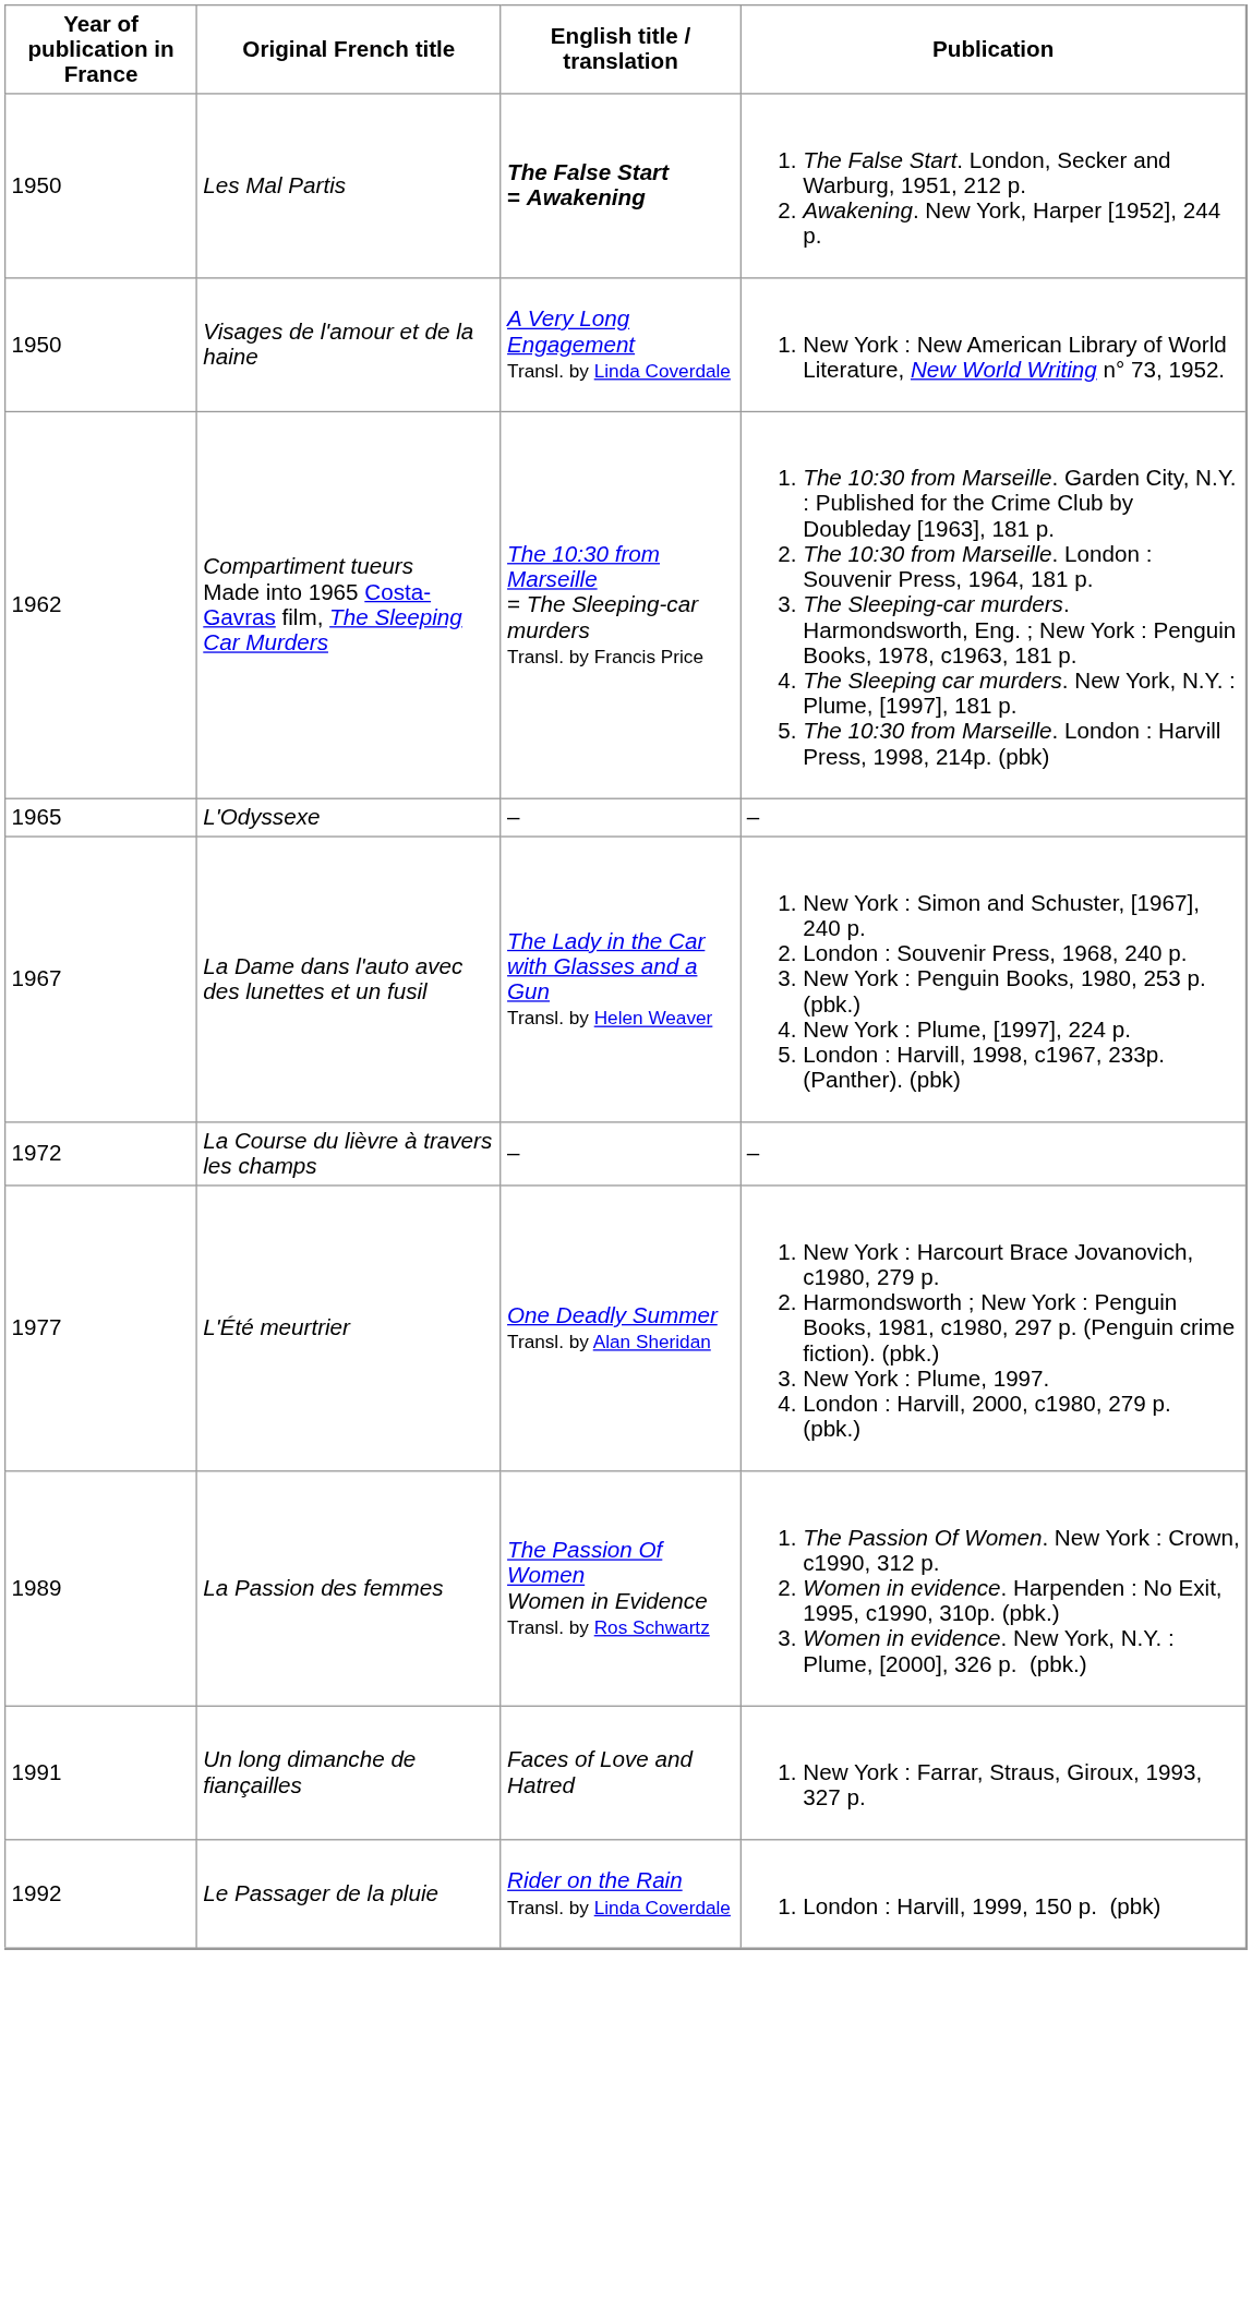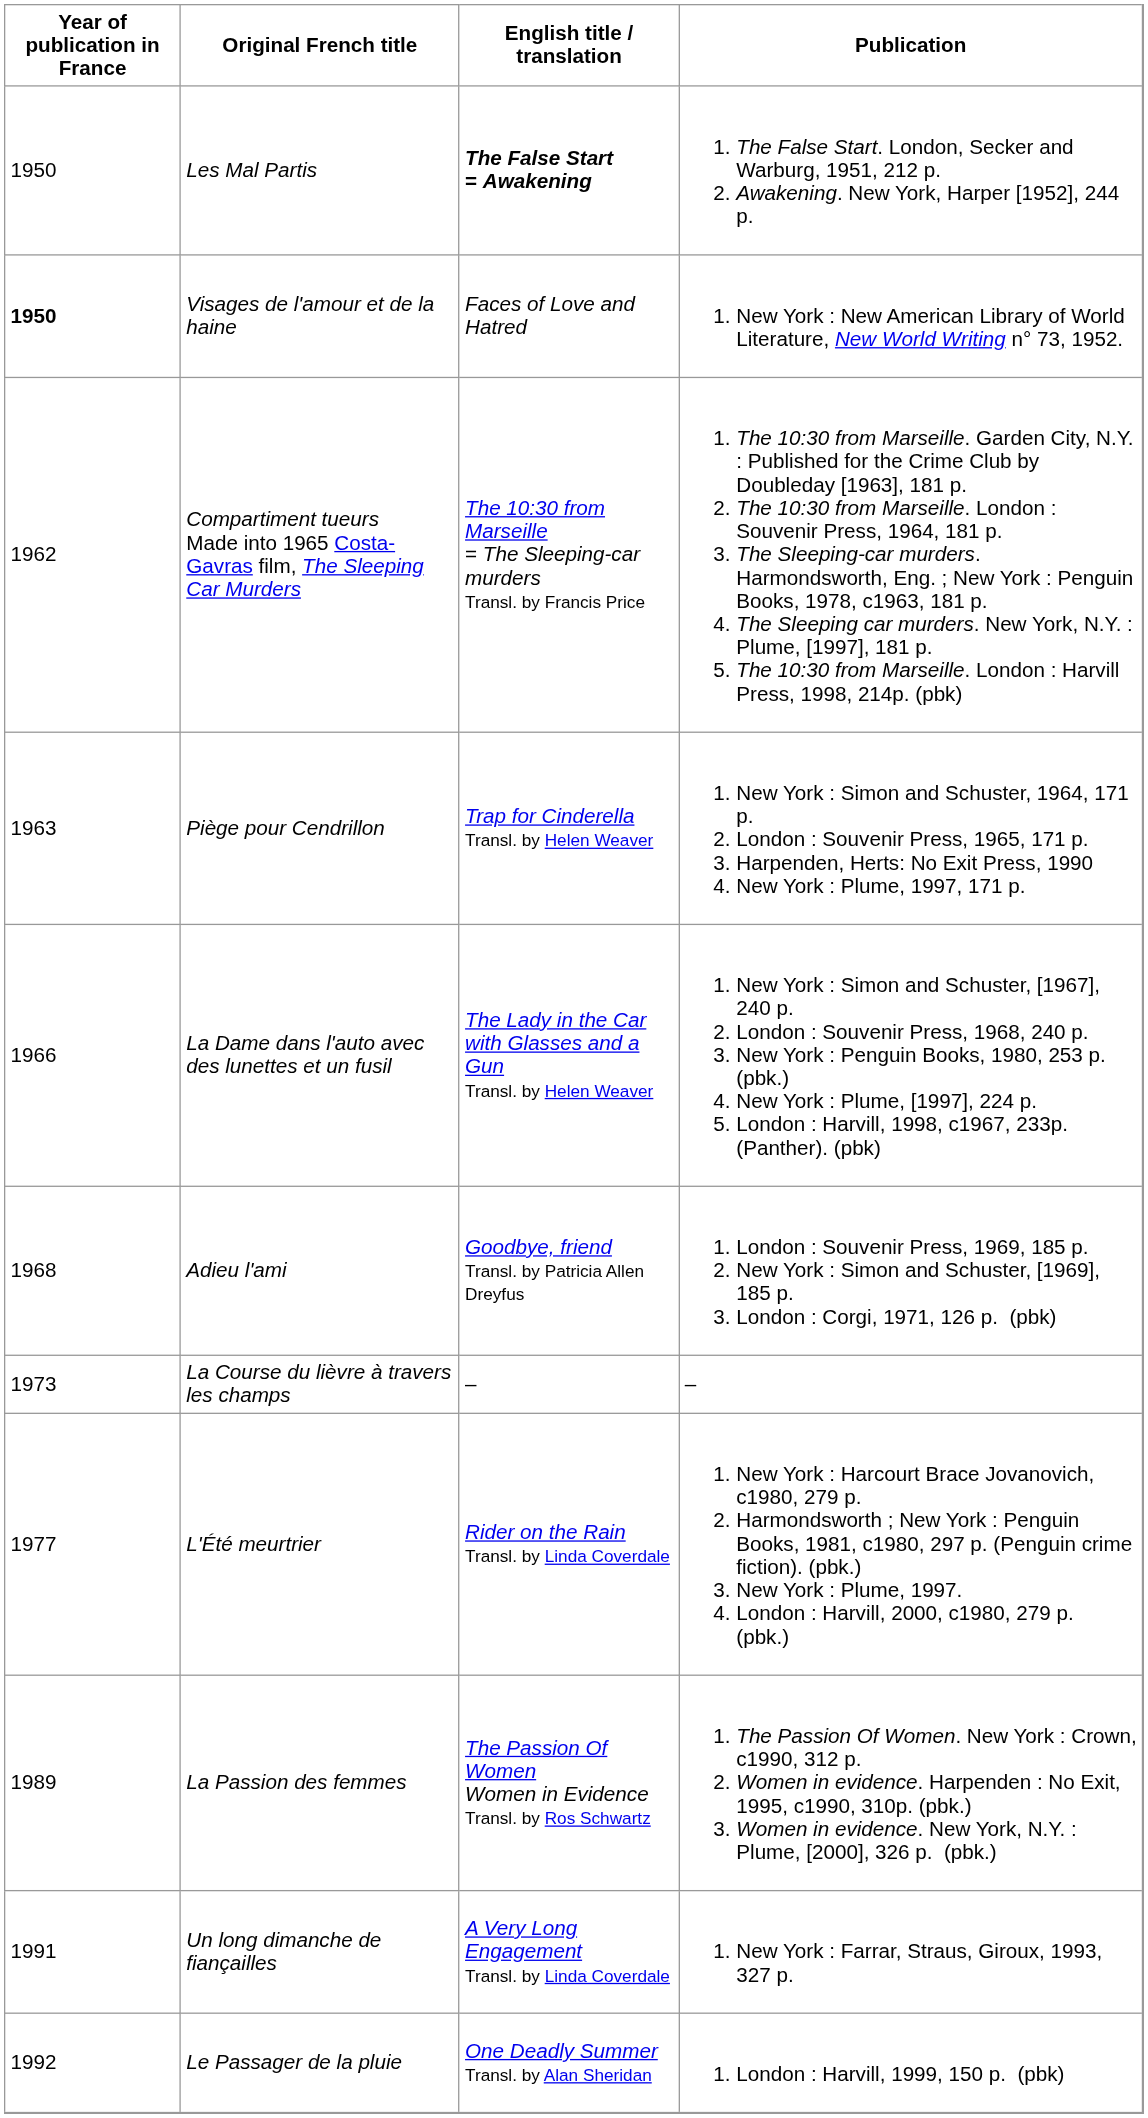 <table align="center" rules="all" cellspacing="0" cellpadding="4" style="border: 1px solid #999; border-right: 2px solid #999; border-bottom:2px solid #999">
 <tr>
 <th>Year of publication in France</th>
 <th>Original French title</th>
 <th>English title / translation</th>
 <th>Publication</th>
 </tr>
 <tr>
 <td>1950</td>
 <td><em>Les Mal Partis </em></td>
 <td><strong><em>The False Start</em><br>= <em>Awakening</em><br></strong></td>
 <td><br><ol><li><em>The False Start</em>. London, Secker and Warburg, 1951, 212 p.</li><li><em>Awakening</em>. New York, Harper [1952], 244 p.</li></ol></td>
 </tr>
 <tr>
-<td>1950</td>
+<td><strong>1950</strong></td>
 <td><em>Visages de l'amour et de la haine</em></td>
-<td><em><a href='#'>A Very Long Engagement</a></em><br><small>Transl. by <a href='#'>Linda Coverdale</a></small></td>
+<td><em>Faces of Love and Hatred</em><br></td>
 <td><br><ol><li>New York : New American Library of World Literature, <em><a href='#'>New World Writing</a></em> n° 73, 1952.</li></ol></td>
 </tr>
 <tr>
 <td>1962</td>
 <td><em>Compartiment tueurs</em> <br> Made into 1965 <a href='#'>Costa-Gavras</a> film, <em><a href='#'>The Sleeping Car Murders</a></em></td>
 <td><em><a href='#'>The 10:30 from Marseille</a></em><br>= <em>The Sleeping-car murders</em><br><small>Transl. by Francis Price</small></td>
 <td><br><ol><li><em>The 10:30 from Marseille</em>. Garden City, N.Y. : Published for the Crime Club by Doubleday [1963], 181 p.</li><li><em>The 10:30 from Marseille</em>. London : Souvenir Press, 1964, 181 p.</li><li><em>The Sleeping-car murders</em>. Harmondsworth, Eng. ; New York : Penguin Books, 1978, c1963, 181 p. </li><li><em>The Sleeping car murders</em>. New York, N.Y. : Plume, [1997], 181 p. </li><li><em>The 10:30 from Marseille</em>. London : Harvill Press, 1998, 214p.  (pbk)</li></ol></td>
 </tr>
 <tr>
-<td>1965</td>
-<td><em>L'Odyssexe</em></td>
-<td>–</td>
-<td>–</td>
+<td>1963</td>
+<td><em>Piège pour Cendrillon</em></td>
+<td><em><a href='#'>Trap for Cinderella</a></em><br><small>Transl. by <a href='#'>Helen Weaver</a></small></td>
+<td><br><ol><li>New York : Simon and Schuster, 1964, 171 p.</li><li>London : Souvenir Press, 1965, 171 p.</li><li>Harpenden, Herts: No Exit Press, 1990</li><li>New York : Plume, 1997, 171 p. </li></ol></td>
 </tr>
 <tr>
-<td>1967</td>
+<td>1966</td>
 <td><em>La Dame dans l'auto avec des lunettes et un fusil</em></td>
 <td><em><a href='#'>The Lady in the Car with Glasses and a Gun</a></em><br><small>Transl. by <a href='#'>Helen Weaver</a></small></td>
 <td><br><ol><li>New York : Simon and Schuster, [1967], 240 p.</li><li>London : Souvenir Press, 1968, 240 p. </li><li>New York : Penguin Books, 1980, 253 p.  (pbk.)</li><li>New York : Plume, [1997], 224 p. </li><li>London : Harvill, 1998, c1967, 233p. (Panther).  (pbk)</li></ol></td>
 </tr>
 <tr>
-<td>1972</td>
+<td>1968</td>
+<td><em>Adieu l'ami</em></td>
+<td><em><a href='#'>Goodbye, friend</a></em><br><small>Transl. by Patricia Allen Dreyfus</small></td>
+<td><br><ol><li>London : Souvenir Press, 1969, 185 p. </li><li>New York : Simon and Schuster, [1969], 185 p.</li><li>London : Corgi, 1971, 126 p.  (pbk)</li></ol></td>
+</tr>
+<tr>
+<td>1973</td>
 <td><em>La Course du lièvre à travers les champs</em></td>
 <td>–</td>
 <td>–</td>
 </tr>
 <tr>
 <td>1977</td>
 <td><em>L'Été meurtrier</em></td>
-<td><em><a href='#'>One Deadly Summer</a></em><br><small>Transl. by <a href='#'>Alan Sheridan</a></small></td>
+<td><em><a href='#'>Rider on the Rain</a></em><br><small>Transl. by <a href='#'>Linda Coverdale</a></small></td>
 <td><br><ol><li>New York : Harcourt Brace Jovanovich, c1980, 279 p. </li><li>Harmondsworth ; New York : Penguin Books, 1981, c1980, 297 p. (Penguin crime fiction).  (pbk.)</li><li>New York : Plume, 1997. </li><li>London : Harvill, 2000, c1980, 279 p.  (pbk.)</li></ol></td>
 </tr>
 <tr>
 <td>1989</td>
 <td><em>La Passion des femmes</em></td>
 <td><em><a href='#'>The Passion Of Women</a></em><br><em>Women in Evidence</em><br><small>Transl. by <a href='#'>Ros Schwartz</a></small></td>
 <td><br><ol><li><em>The Passion Of Women</em>. New York : Crown, c1990, 312 p. </li><li><em>Women in evidence</em>. Harpenden : No Exit, 1995, c1990, 310p.  (pbk.)</li><li><em>Women in evidence</em>. New York, N.Y. : Plume, [2000], 326 p.  (pbk.)</li></ol></td>
 </tr>
 <tr>
 <td>1991</td>
 <td><em>Un long dimanche de fiançailles</em></td>
-<td><em>Faces of Love and Hatred</em><br></td>
+<td><em><a href='#'>A Very Long Engagement</a></em><br><small>Transl. by <a href='#'>Linda Coverdale</a></small></td>
 <td><br><ol><li>New York : Farrar, Straus, Giroux, 1993, 327 p. </li></ol></td>
 </tr>
 <tr>
 <td>1992</td>
 <td><em>Le Passager de la pluie</em></td>
-<td><em><a href='#'>Rider on the Rain</a></em><br><small>Transl. by <a href='#'>Linda Coverdale</a></small></td>
+<td><em><a href='#'>One Deadly Summer</a></em><br><small>Transl. by <a href='#'>Alan Sheridan</a></small></td>
 <td><br><ol><li>London : Harvill, 1999, 150 p.  (pbk)</li></ol></td>
 </tr>
 </table>
